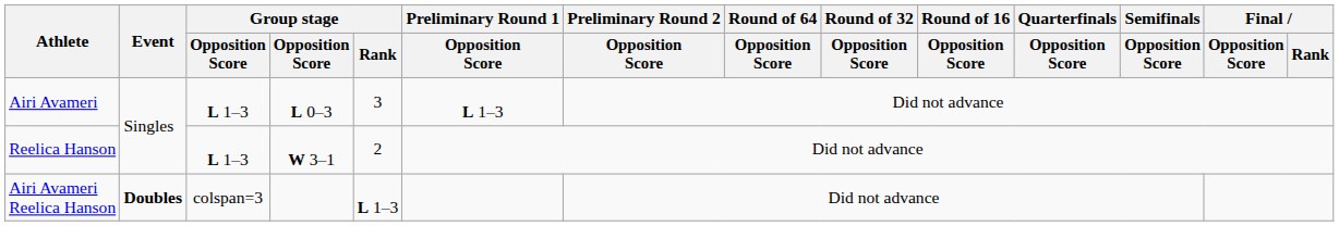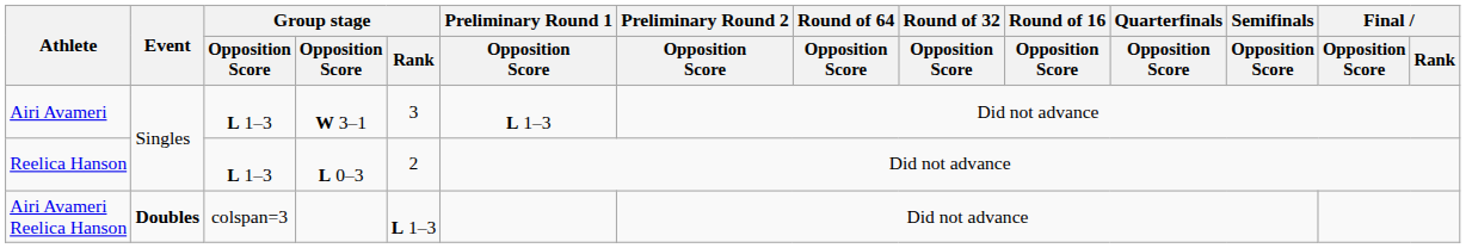 <table class=wikitable style=font-size:90%;text-align:center>
 <tr>
 <th rowspan=2>Athlete</th>
 <th rowspan=2>Event</th>
 <th colspan=3>Group stage</th>
 <th>Preliminary Round 1</th>
 <th>Preliminary Round 2</th>
 <th>Round of 64</th>
 <th>Round of 32</th>
 <th>Round of 16</th>
 <th>Quarterfinals</th>
 <th>Semifinals</th>
 <th colspan=2>Final / </th>
 </tr>
 <tr style=font-size:95%>
 <th>Opposition<br>Score</th>
 <th>Opposition<br>Score</th>
 <th>Rank</th>
 <th>Opposition<br>Score</th>
 <th>Opposition<br>Score</th>
 <th>Opposition<br>Score</th>
 <th>Opposition<br>Score</th>
 <th>Opposition<br>Score</th>
 <th>Opposition<br>Score</th>
 <th>Opposition<br>Score</th>
 <th>Opposition<br>Score</th>
 <th>Rank</th>
 </tr>
 <tr>
 <td align=left><a href='#'>Airi Avameri</a></td>
 <td align=left rowspan=2>Singles</td>
 <td><br><strong>L</strong> 1–3</td>
-<td><br><strong>L</strong> 0–3</td>
+<td><br><strong>W</strong> 3–1</td>
 <td>3</td>
 <td><br><strong>L</strong> 1–3</td>
 <td colspan=9>Did not advance</td>
 </tr>
 <tr>
 <td align=left><a href='#'>Reelica Hanson</a></td>
 <td><br><strong>L</strong> 1–3</td>
-<td><br><strong>W</strong> 3–1</td>
+<td><br><strong>L</strong> 0–3</td>
 <td>2</td>
 <td colspan=10>Did not advance</td>
 </tr>
 <tr>
 <td align=left><a href='#'>Airi Avameri</a><br><a href='#'>Reelica Hanson</a></td>
 <td><strong>Doubles</strong></td>
 <td>colspan=3</td>
 <td></td>
 <td><br><strong>L</strong> 1–3</td>
 <td></td>
 <td colspan=6>Did not advance</td>
 </tr>
 </table>
